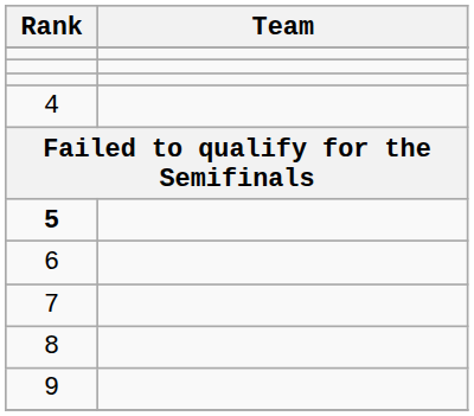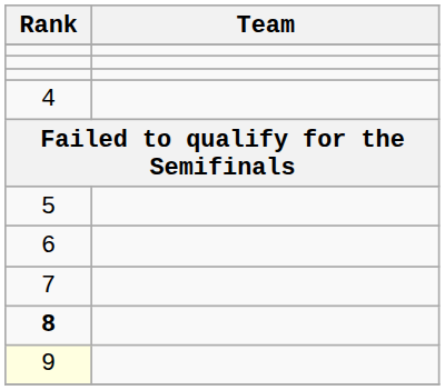 <table class="wikitable" style="text-align:center;">
 <tr>
 <th width=40>Rank</th>
 <th width=180>Team</th>
 </tr>
 <tr>
 </tr>
 <tr>
 <td></td>
 <td style="text-align:left;"></td>
 </tr>
 <tr>
 <td></td>
 <td style="text-align:left;"></td>
 </tr>
 <tr>
 <td></td>
 <td style="text-align:left;"></td>
 </tr>
 <tr>
 <td>4</td>
 <td style="text-align:left;"></td>
 </tr>
 <tr>
 <th colspan="4">Failed to qualify for the Semifinals</th>
 </tr>
 <tr>
-<td><strong>5</strong></td>
+<td>5</td>
 <td style="text-align:left;"></td>
 </tr>
 <tr>
 <td>6</td>
 <td style="text-align:left;"></td>
 </tr>
 <tr>
 <td>7</td>
 <td style="text-align:left;"></td>
 </tr>
 <tr>
-<td>8</td>
+<td><strong>8</strong></td>
 <td style="text-align:left;"></td>
 </tr>
 <tr>
-<td>9</td>
+<td style="background: lightyellow;">9</td>
 <td style="text-align:left;"></td>
 </tr>
 <tr>
 </tr>
 </table>
